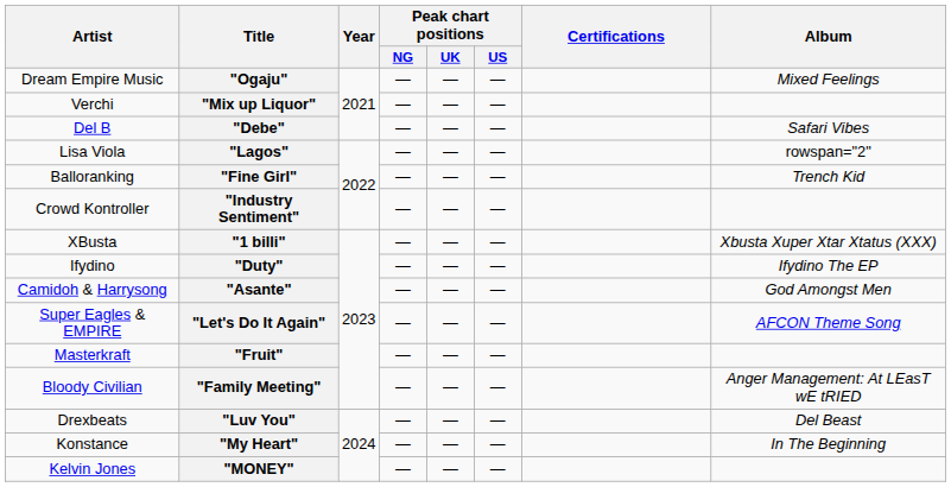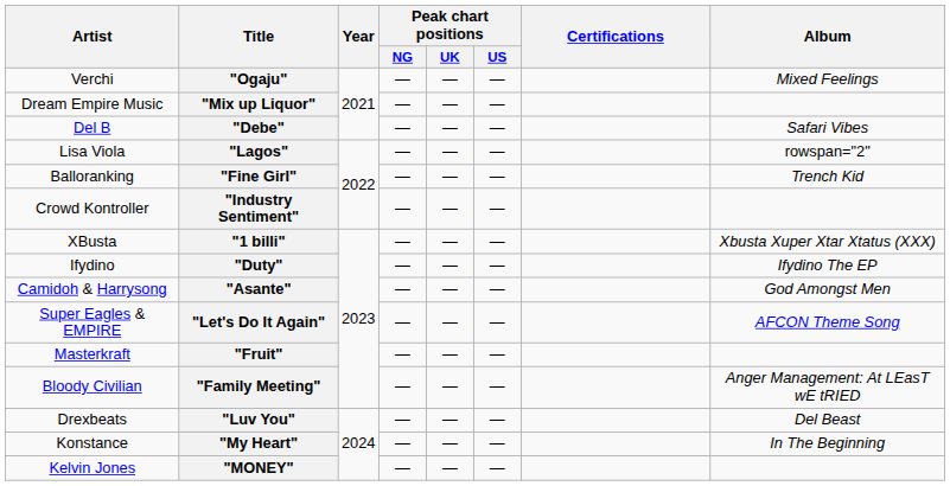 <table class="wikitable plainrowheaders" style="text-align:center;" border="1">
 <tr>
 <th scope="col" rowspan="2" style="width:11em;">Artist</th>
 <th scope="col" rowspan="2" style="width:10em;">Title</th>
 <th scope="col" rowspan="2" style="width:1em;">Year</th>
 <th scope="col" colspan="3">Peak chart positions</th>
 <th scope="col" rowspan="2" style="width:12em;"><a href='#'>Certifications</a></th>
 <th scope="col" rowspan="2" style="width:15em;">Album</th>
 </tr>
 <tr>
 <th scope="col" style="width:3em;font-size:90%;"><a href='#'>NG</a><br></th>
 <th scope="col" style="width:3em;font-size:90%;"><a href='#'>UK</a><br></th>
 <th scope="col" style="width:3em;font-size:90%;"><a href='#'>US</a><br></th>
 </tr>
 <tr>
-<td>Dream Empire Music</td>
+<td>Verchi</td>
 <th scope="row">"Ogaju"</th>
 <td rowspan="3">2021</td>
 <td>—</td>
 <td>—</td>
 <td>—</td>
 <td></td>
 <td><em>Mixed Feelings</em></td>
 </tr>
 <tr>
-<td>Verchi</td>
+<td>Dream Empire Music</td>
 <th scope="row">"Mix up Liquor"</th>
 <td>—</td>
 <td>—</td>
 <td>—</td>
 <td></td>
 </tr>
 <tr>
 <td><a href='#'>Del B</a></td>
 <th scope="row">"Debe"</th>
 <td>—</td>
 <td>—</td>
 <td>—</td>
 <td></td>
 <td><em>Safari Vibes</em></td>
 </tr>
 <tr>
 <td>Lisa Viola</td>
 <th scope="row">"Lagos"</th>
 <td rowspan="3">2022</td>
 <td>—</td>
 <td>—</td>
 <td>—</td>
 <td></td>
 <td>rowspan="2"</td>
 </tr>
 <tr>
 <td>Balloranking</td>
 <th scope="row">"Fine Girl"</th>
 <td>—</td>
 <td>—</td>
 <td>—</td>
 <td></td>
 <td><em>Trench Kid</em></td>
 </tr>
 <tr>
 <td>Crowd Kontroller</td>
 <th scope="row">"Industry Sentiment"</th>
 <td>—</td>
 <td>—</td>
 <td>—</td>
 <td></td>
 <td></td>
 </tr>
 <tr>
 <td>XBusta</td>
 <th scope="row">"1 billi"</th>
 <td rowspan="6">2023</td>
 <td>—</td>
 <td>—</td>
 <td>—</td>
 <td></td>
 <td><em>Xbusta Xuper Xtar Xtatus (XXX)</em></td>
 </tr>
 <tr>
 <td>Ifydino</td>
 <th scope="row">"Duty"</th>
 <td>—</td>
 <td>—</td>
 <td>—</td>
 <td></td>
 <td><em>Ifydino The EP</em></td>
 </tr>
 <tr>
 <td><a href='#'>Camidoh</a> & <a href='#'>Harrysong</a></td>
 <th scope="row">"Asante"</th>
 <td>—</td>
 <td>—</td>
 <td>—</td>
 <td></td>
 <td><em>God Amongst Men</em></td>
 </tr>
 <tr>
 <td><a href='#'>Super Eagles</a> & <a href='#'>EMPIRE</a></td>
 <th scope="row">"Let's Do It Again"</th>
 <td>—</td>
 <td>—</td>
 <td>—</td>
 <td></td>
 <td><em><a href='#'>AFCON Theme Song</a></em></td>
 </tr>
 <tr>
 <td><a href='#'>Masterkraft</a></td>
 <th scope="row">"Fruit"</th>
 <td>—</td>
 <td>—</td>
 <td>—</td>
 <td></td>
 <td></td>
 </tr>
 <tr>
 <td><a href='#'>Bloody Civilian</a></td>
 <th scope="row">"Family Meeting"</th>
 <td>—</td>
 <td>—</td>
 <td>—</td>
 <td></td>
 <td><em>Anger Management: At LEasT wE tRIED</em></td>
 </tr>
 <tr>
 <td>Drexbeats</td>
 <th scope="row">"Luv You"</th>
 <td rowspan="3">2024</td>
 <td>—</td>
 <td>—</td>
 <td>—</td>
 <td></td>
 <td><em>Del Beast</em></td>
 </tr>
 <tr>
 <td>Konstance</td>
 <th scope="row">"My Heart"</th>
 <td>—</td>
 <td>—</td>
 <td>—</td>
 <td></td>
 <td><em>In The Beginning</em></td>
 </tr>
 <tr>
 <td><a href='#'>Kelvin Jones</a></td>
 <th scope="row">"MONEY"</th>
 <td>—</td>
 <td>—</td>
 <td>—</td>
 <td></td>
 <td></td>
 </tr>
 </table>
